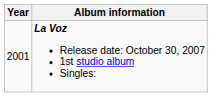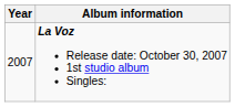 <table class="wikitable">
 <tr>
 <th align="center">Year</th>
 <th align="center">Album information</th>
 </tr>
 <tr>
-<td>2001</td>
+<td>2007</td>
 <td><strong><em>La Voz</em></strong><br><ul><li>Release date: October 30, 2007</li><li>1st <a href='#'>studio album</a></li><li>Singles:</li></ul></td>
 </tr>
 </table>
